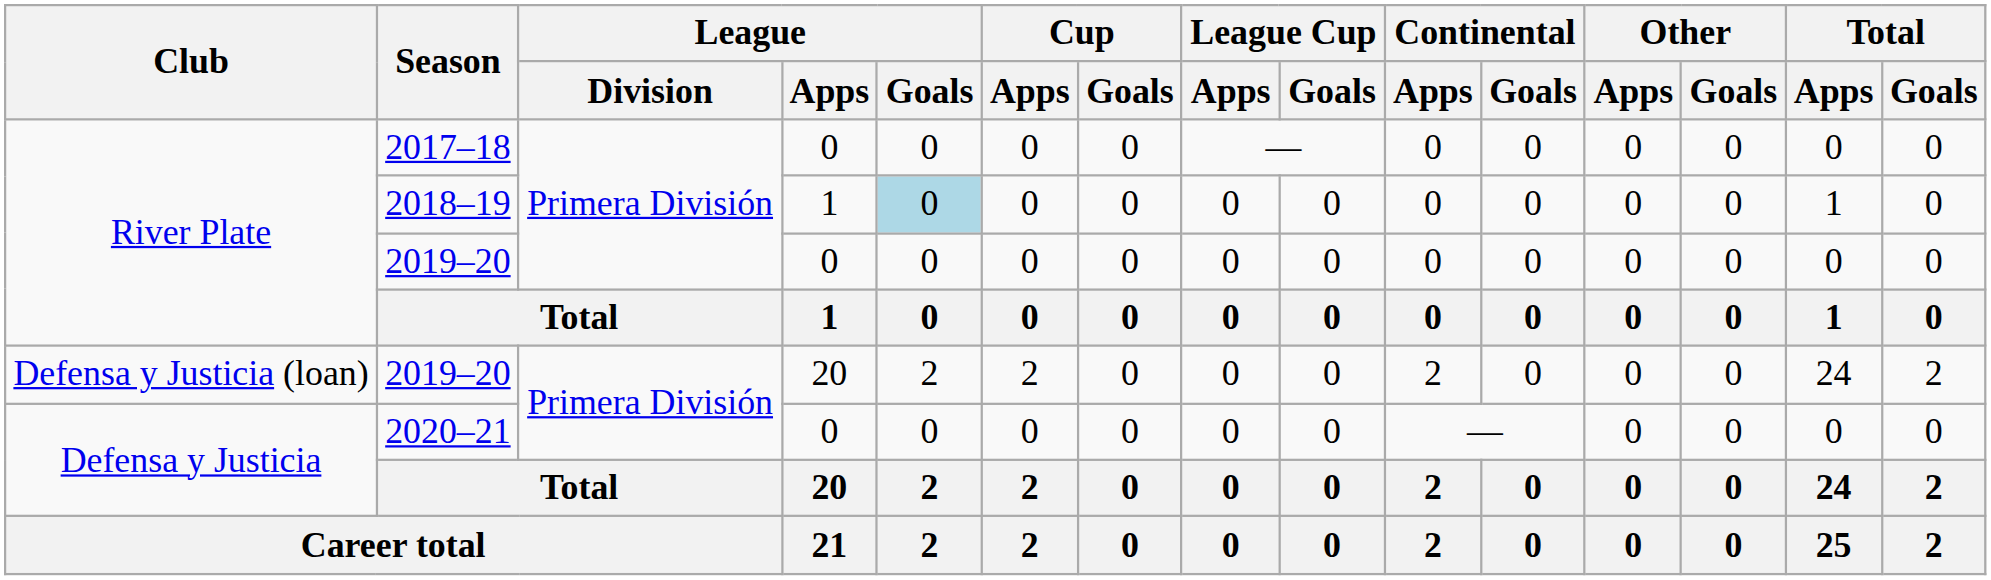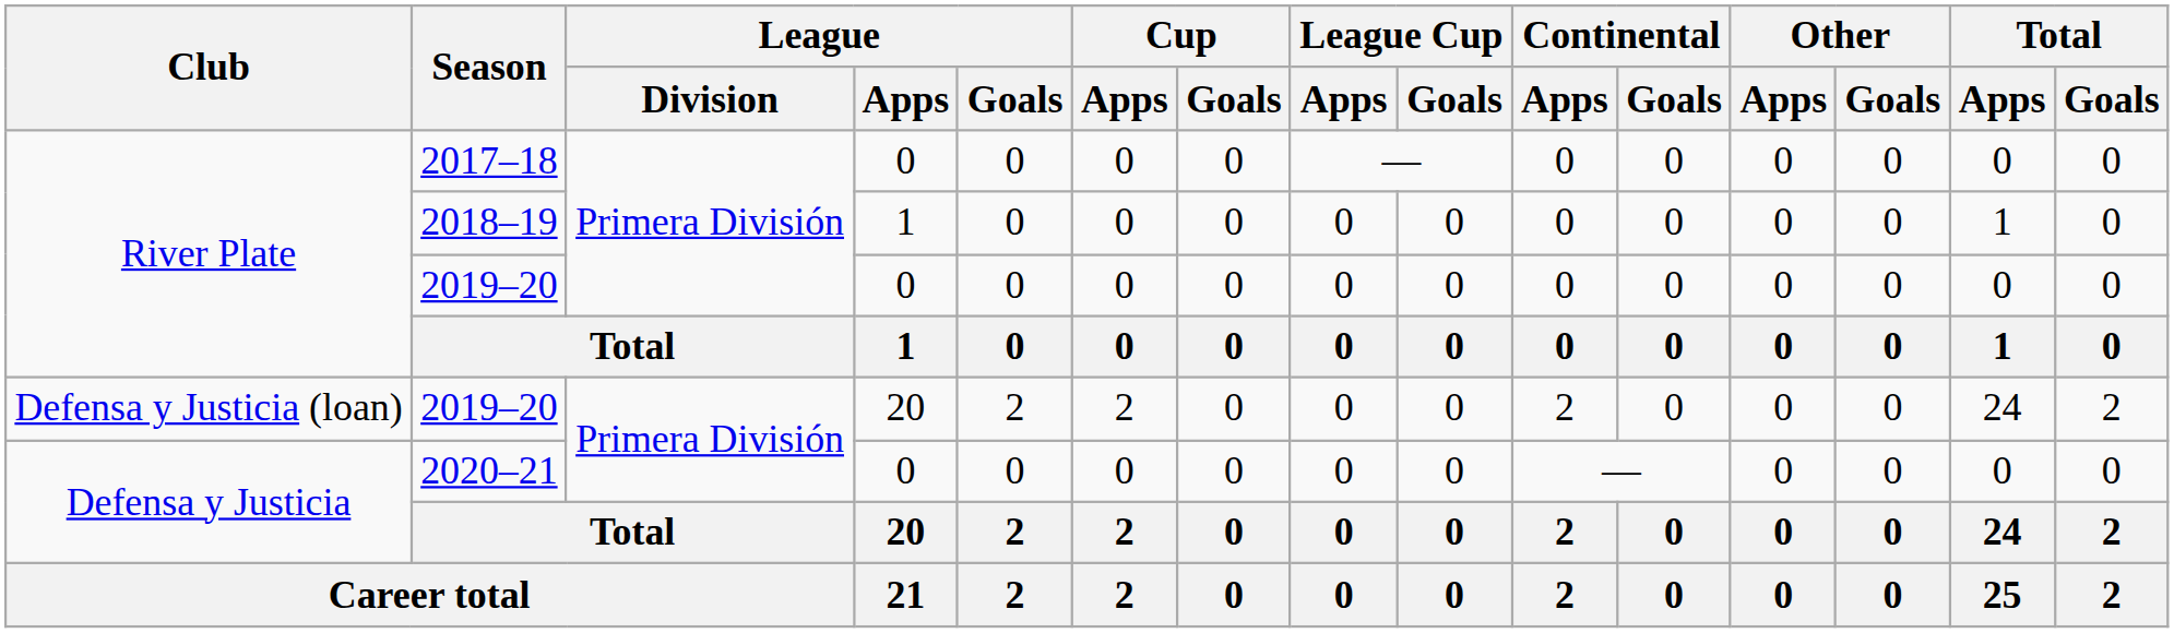 <table class="wikitable" style="text-align:center">
 <tr>
 <th rowspan="2">Club</th>
 <th rowspan="2">Season</th>
 <th colspan="3">League</th>
 <th colspan="2">Cup</th>
 <th colspan="2">League Cup</th>
 <th colspan="2">Continental</th>
 <th colspan="2">Other</th>
 <th colspan="2">Total</th>
 </tr>
 <tr>
 <th>Division</th>
 <th>Apps</th>
 <th>Goals</th>
 <th>Apps</th>
 <th>Goals</th>
 <th>Apps</th>
 <th>Goals</th>
 <th>Apps</th>
 <th>Goals</th>
 <th>Apps</th>
 <th>Goals</th>
 <th>Apps</th>
 <th>Goals</th>
 </tr>
 <tr>
 <td rowspan="4"><a href='#'>River Plate</a></td>
 <td><a href='#'>2017–18</a></td>
 <td rowspan="3"><a href='#'>Primera División</a></td>
 <td>0</td>
 <td>0</td>
 <td>0</td>
 <td>0</td>
 <td colspan="2">—</td>
 <td>0</td>
 <td>0</td>
 <td>0</td>
 <td>0</td>
 <td>0</td>
 <td>0</td>
 </tr>
 <tr>
 <td><a href='#'>2018–19</a></td>
 <td>1</td>
-<td style="background: lightblue;">0</td>
+<td>0</td>
 <td>0</td>
 <td>0</td>
 <td>0</td>
 <td>0</td>
 <td>0</td>
 <td>0</td>
 <td>0</td>
 <td>0</td>
 <td>1</td>
 <td>0</td>
 </tr>
 <tr>
 <td><a href='#'>2019–20</a></td>
 <td>0</td>
 <td>0</td>
 <td>0</td>
 <td>0</td>
 <td>0</td>
 <td>0</td>
 <td>0</td>
 <td>0</td>
 <td>0</td>
 <td>0</td>
 <td>0</td>
 <td>0</td>
 </tr>
 <tr>
 <th colspan="2">Total</th>
 <th>1</th>
 <th>0</th>
 <th>0</th>
 <th>0</th>
 <th>0</th>
 <th>0</th>
 <th>0</th>
 <th>0</th>
 <th>0</th>
 <th>0</th>
 <th>1</th>
 <th>0</th>
 </tr>
 <tr>
 <td rowspan="1"><a href='#'>Defensa y Justicia</a> (loan)</td>
 <td><a href='#'>2019–20</a></td>
 <td rowspan="2"><a href='#'>Primera División</a></td>
 <td>20</td>
 <td>2</td>
 <td>2</td>
 <td>0</td>
 <td>0</td>
 <td>0</td>
 <td>2</td>
 <td>0</td>
 <td>0</td>
 <td>0</td>
 <td>24</td>
 <td>2</td>
 </tr>
 <tr>
 <td rowspan="2"><a href='#'>Defensa y Justicia</a></td>
 <td><a href='#'>2020–21</a></td>
 <td>0</td>
 <td>0</td>
 <td>0</td>
 <td>0</td>
 <td>0</td>
 <td>0</td>
 <td colspan="2">—</td>
 <td>0</td>
 <td>0</td>
 <td>0</td>
 <td>0</td>
 </tr>
 <tr>
 <th colspan="2">Total</th>
 <th>20</th>
 <th>2</th>
 <th>2</th>
 <th>0</th>
 <th>0</th>
 <th>0</th>
 <th>2</th>
 <th>0</th>
 <th>0</th>
 <th>0</th>
 <th>24</th>
 <th>2</th>
 </tr>
 <tr>
 <th colspan="3">Career total</th>
 <th>21</th>
 <th>2</th>
 <th>2</th>
 <th>0</th>
 <th>0</th>
 <th>0</th>
 <th>2</th>
 <th>0</th>
 <th>0</th>
 <th>0</th>
 <th>25</th>
 <th>2</th>
 </tr>
 </table>
